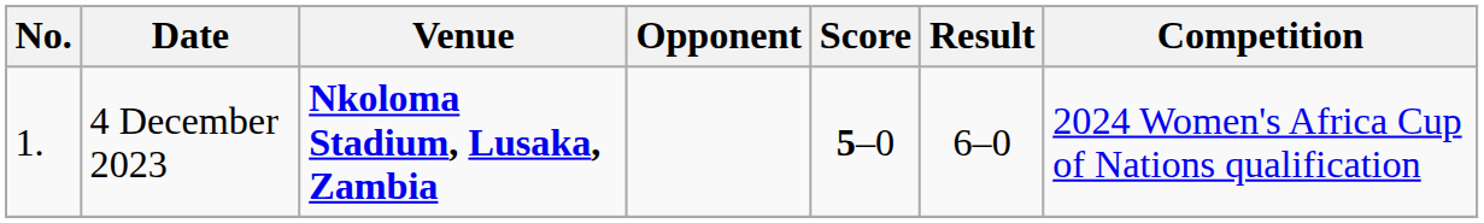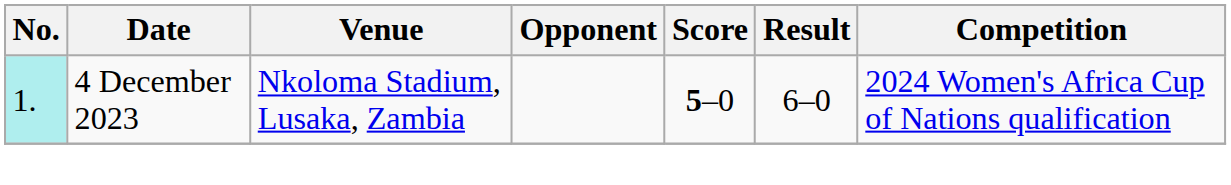 <table class="wikitable">
 <tr>
 <th>No.</th>
 <th>Date</th>
 <th>Venue</th>
 <th>Opponent</th>
 <th>Score</th>
 <th>Result</th>
 <th>Competition</th>
 </tr>
 <tr>
-<td>1.</td>
+<td style="background: paleturquoise;">1.</td>
 <td>4 December 2023</td>
-<td><strong><a href='#'>Nkoloma Stadium</a>, <a href='#'>Lusaka</a>, <a href='#'>Zambia</a></strong></td>
+<td><a href='#'>Nkoloma Stadium</a>, <a href='#'>Lusaka</a>, <a href='#'>Zambia</a></td>
 <td></td>
 <td align=center><strong>5</strong>–0</td>
 <td align=center>6–0</td>
 <td><a href='#'>2024 Women's Africa Cup of Nations qualification</a></td>
 </tr>
 <tr>
 </tr>
 </table>
